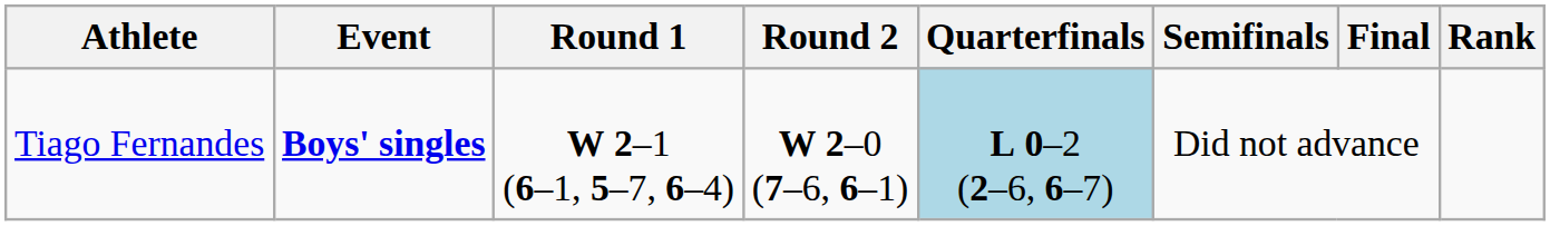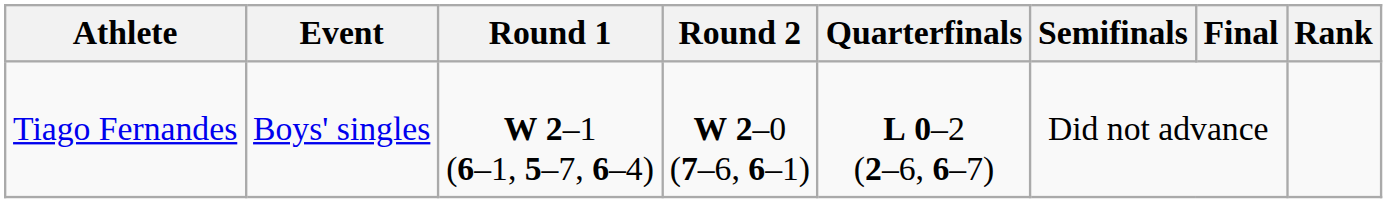 <table class=wikitable style="font-size:90%">
 <tr>
 <th>Athlete</th>
 <th>Event</th>
 <th>Round 1</th>
 <th>Round 2</th>
 <th>Quarterfinals</th>
 <th>Semifinals</th>
 <th>Final</th>
 <th>Rank</th>
 </tr>
 <tr>
 <td><a href='#'>Tiago Fernandes</a></td>
-<td><strong><a href='#'>Boys' singles</a></strong></td>
+<td><a href='#'>Boys' singles</a></td>
 <td align=center><br><strong>W</strong> <strong>2</strong>–1<br> (<strong>6</strong>–1, <strong>5</strong>–7, <strong>6</strong>–4)</td>
 <td align=center><br><strong>W</strong> <strong>2</strong>–0<br> (<strong>7</strong>–6, <strong>6</strong>–1)</td>
-<td align=center style="background: lightblue;"><br><strong>L</strong> <strong>0</strong>–2<br> (<strong>2</strong>–6, <strong>6</strong>–7)</td>
+<td align=center><br><strong>L</strong> <strong>0</strong>–2<br> (<strong>2</strong>–6, <strong>6</strong>–7)</td>
 <td colspan=2 align=center>Did not advance</td>
 <td align=center></td>
 </tr>
 </table>
